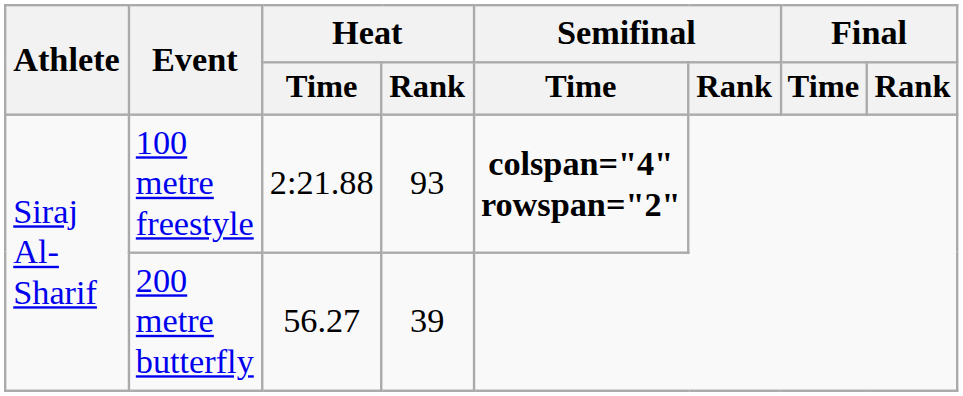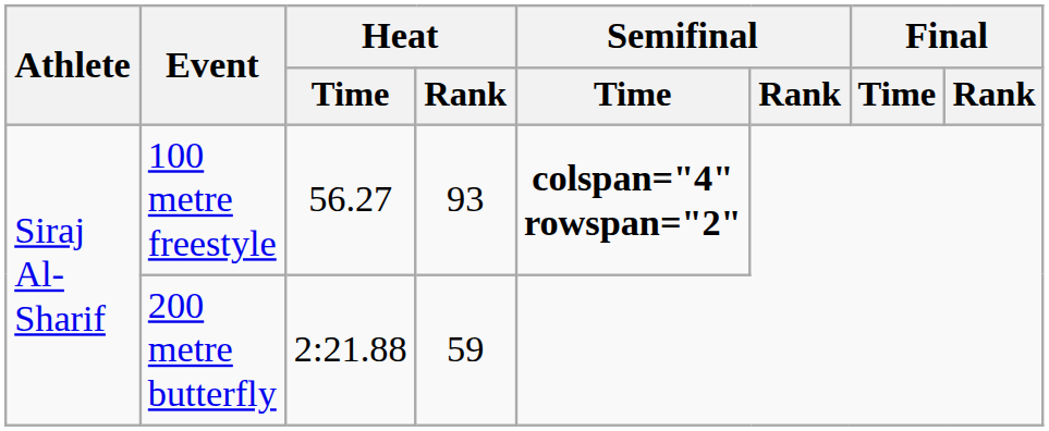 <table class="wikitable" style="text-align:center; font-size:90%; width:50%;">
 <tr>
 <th rowspan="2">Athlete</th>
 <th rowspan="2">Event</th>
 <th colspan="2">Heat</th>
 <th colspan="2">Semifinal</th>
 <th colspan="2">Final</th>
 </tr>
 <tr style="font-size:95%">
 <th>Time</th>
 <th>Rank</th>
 <th>Time</th>
 <th>Rank</th>
 <th>Time</th>
 <th>Rank</th>
 </tr>
 <tr align=center>
 <td align=left rowspan="2"><a href='#'>Siraj Al-Sharif</a></td>
 <td align=left><a href='#'>100 metre freestyle</a></td>
-<td>2:21.88</td>
+<td>56.27</td>
 <td>93</td>
 <td><strong>colspan="4" rowspan="2"</strong></td>
 </tr>
 <tr align=center>
 <td align=left><a href='#'>200 metre butterfly</a></td>
-<td>56.27</td>
-<td>39</td>
+<td>2:21.88</td>
+<td>59</td>
 </tr>
 </table>
